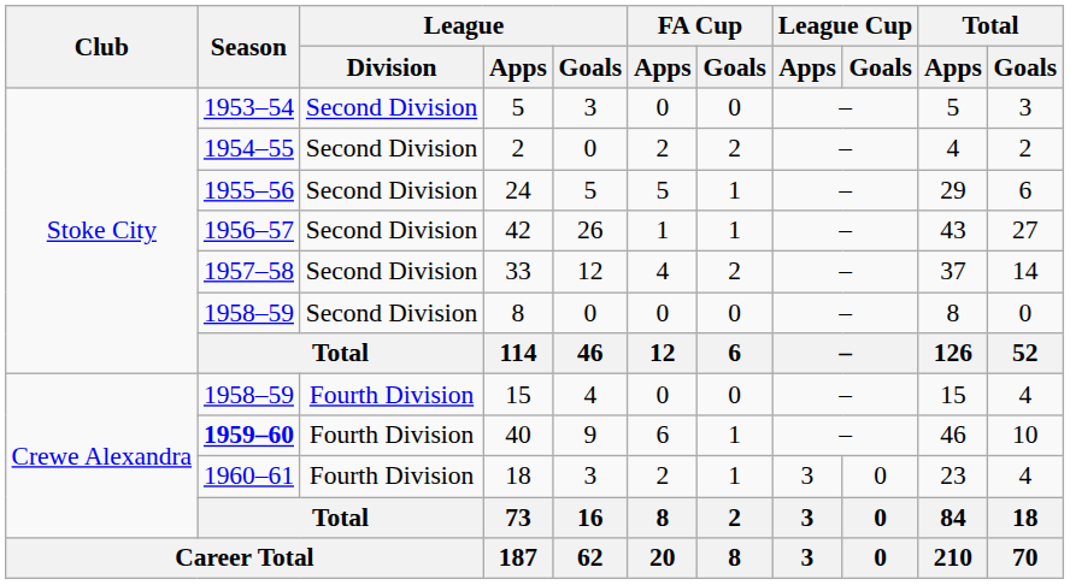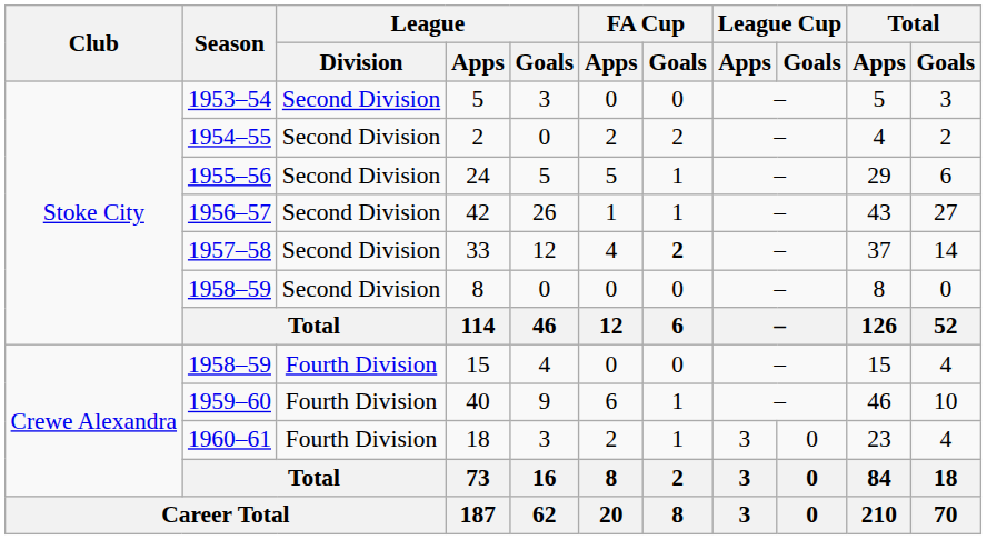 <table class="wikitable" style="text-align: center;">
 <tr>
 <th rowspan="2">Club</th>
 <th rowspan="2">Season</th>
 <th colspan="3">League</th>
 <th colspan="2">FA Cup</th>
 <th colspan="2">League Cup</th>
 <th colspan="2">Total</th>
 </tr>
 <tr>
 <th>Division</th>
 <th>Apps</th>
 <th>Goals</th>
 <th>Apps</th>
 <th>Goals</th>
 <th>Apps</th>
 <th>Goals</th>
 <th>Apps</th>
 <th>Goals</th>
 </tr>
 <tr>
 <td rowspan="7"><a href='#'>Stoke City</a></td>
 <td><a href='#'>1953–54</a></td>
 <td><a href='#'>Second Division</a></td>
 <td>5</td>
 <td>3</td>
 <td>0</td>
 <td>0</td>
 <td colspan="2">–</td>
 <td>5</td>
 <td>3</td>
 </tr>
 <tr>
 <td><a href='#'>1954–55</a></td>
 <td>Second Division</td>
 <td>2</td>
 <td>0</td>
 <td>2</td>
 <td>2</td>
 <td colspan="2">–</td>
 <td>4</td>
 <td>2</td>
 </tr>
 <tr>
 <td><a href='#'>1955–56</a></td>
 <td>Second Division</td>
 <td>24</td>
 <td>5</td>
 <td>5</td>
 <td>1</td>
 <td colspan="2">–</td>
 <td>29</td>
 <td>6</td>
 </tr>
 <tr>
 <td><a href='#'>1956–57</a></td>
 <td>Second Division</td>
 <td>42</td>
 <td>26</td>
 <td>1</td>
 <td>1</td>
 <td colspan="2">–</td>
 <td>43</td>
 <td>27</td>
 </tr>
 <tr>
 <td><a href='#'>1957–58</a></td>
 <td>Second Division</td>
 <td>33</td>
 <td>12</td>
 <td>4</td>
-<td>2</td>
+<td><strong>2</strong></td>
 <td colspan="2">–</td>
 <td>37</td>
 <td>14</td>
 </tr>
 <tr>
 <td><a href='#'>1958–59</a></td>
 <td>Second Division</td>
 <td>8</td>
 <td>0</td>
 <td>0</td>
 <td>0</td>
 <td colspan="2">–</td>
 <td>8</td>
 <td>0</td>
 </tr>
 <tr>
 <th colspan="2">Total</th>
 <th>114</th>
 <th>46</th>
 <th>12</th>
 <th>6</th>
 <th colspan="2">–</th>
 <th>126</th>
 <th>52</th>
 </tr>
 <tr>
 <td rowspan="4"><a href='#'>Crewe Alexandra</a></td>
 <td><a href='#'>1958–59</a></td>
 <td><a href='#'>Fourth Division</a></td>
 <td>15</td>
 <td>4</td>
 <td>0</td>
 <td>0</td>
 <td colspan="2">–</td>
 <td>15</td>
 <td>4</td>
 </tr>
 <tr>
-<td><strong><a href='#'>1959–60</a></strong></td>
+<td><a href='#'>1959–60</a></td>
 <td>Fourth Division</td>
 <td>40</td>
 <td>9</td>
 <td>6</td>
 <td>1</td>
 <td colspan="2">–</td>
 <td>46</td>
 <td>10</td>
 </tr>
 <tr>
 <td><a href='#'>1960–61</a></td>
 <td>Fourth Division</td>
 <td>18</td>
 <td>3</td>
 <td>2</td>
 <td>1</td>
 <td>3</td>
 <td>0</td>
 <td>23</td>
 <td>4</td>
 </tr>
 <tr>
 <th colspan="2">Total</th>
 <th>73</th>
 <th>16</th>
 <th>8</th>
 <th>2</th>
 <th>3</th>
 <th>0</th>
 <th>84</th>
 <th>18</th>
 </tr>
 <tr>
 <th colspan="3">Career Total</th>
 <th>187</th>
 <th>62</th>
 <th>20</th>
 <th>8</th>
 <th>3</th>
 <th>0</th>
 <th>210</th>
 <th>70</th>
 </tr>
 </table>
